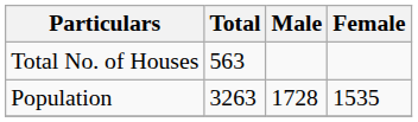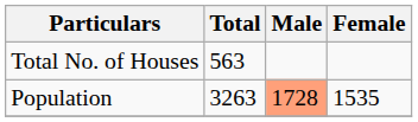 <table class="wikitable sortable">
 <tr>
 <th>Particulars</th>
 <th>Total</th>
 <th>Male</th>
 <th>Female</th>
 </tr>
 <tr>
 <td>Total No. of Houses</td>
 <td>563</td>
 <td></td>
 <td></td>
 </tr>
 <tr>
 <td>Population</td>
 <td>3263</td>
-<td>1728</td>
+<td style="background: lightsalmon;">1728</td>
 <td>1535</td>
 </tr>
 <tr>
 </tr>
 </table>
